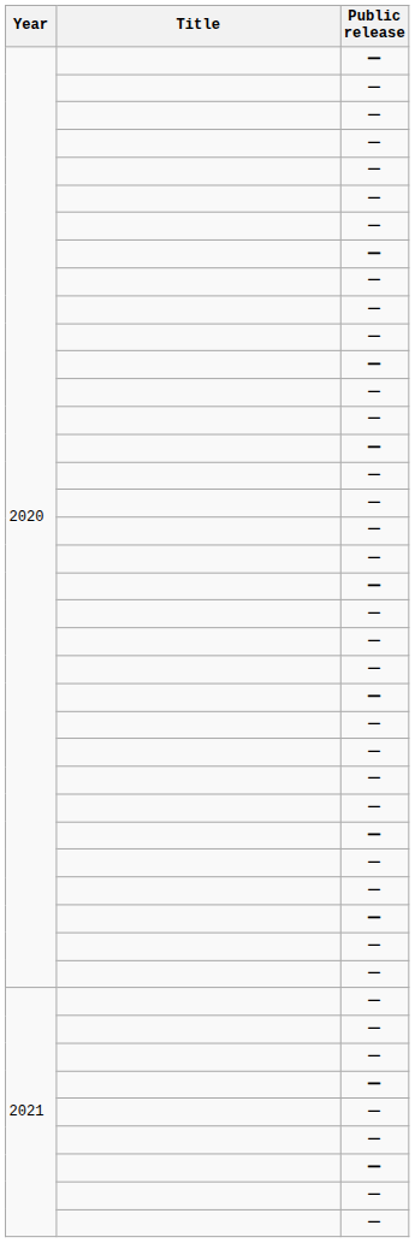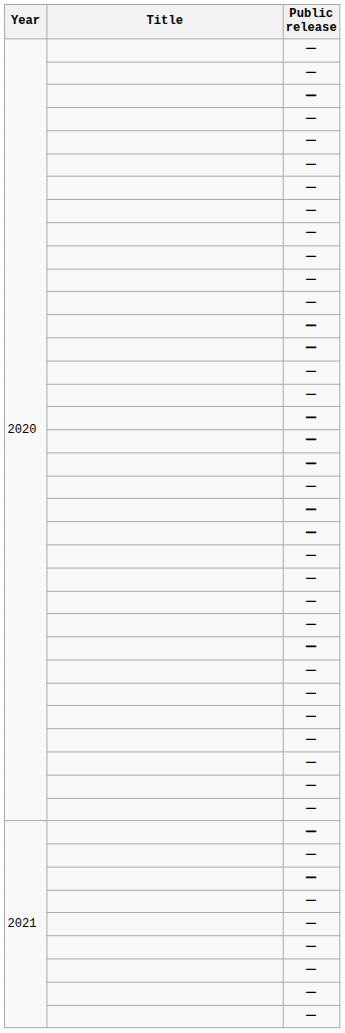 <table class="wikitable" style=font-size:small>
 <tr>
 <th style="width:3em">Year</th>
 <th style="width:19em">Title</th>
 <th style="width:4em">Public release</th>
 </tr>
 <tr>
 <td rowspan=34>2020</td>
 <td><br></td>
+<td style="text-align:center;">ー</td>
+</tr>
+<tr>
+<td><br></td>
+<td style="text-align:center;">ー</td>
+</tr>
+<tr>
+<td><br></td>
 <td style="text-align:center;"><strong>ー</strong></td>
+</tr>
+<tr>
+<td><br></td>
+<td style="text-align:center;">ー</td>
+</tr>
+<tr>
+<td><br></td>
+<td style="text-align:center;">ー</td>
+</tr>
+<tr>
+<td><br></td>
+<td style="text-align:center;">ー</td>
 </tr>
 <tr>
 <td><br></td>
 <td style="text-align:center;">ー</td>
 </tr>
 <tr>
 <td><br></td>
 <td style="text-align:center;">ー</td>
 </tr>
 <tr>
 <td><br></td>
 <td style="text-align:center;">ー</td>
 </tr>
 <tr>
 <td><br></td>
 <td style="text-align:center;">ー</td>
 </tr>
 <tr>
 <td><br></td>
 <td style="text-align:center;">ー</td>
 </tr>
 <tr>
 <td><br></td>
 <td style="text-align:center;">ー</td>
 </tr>
 <tr>
 <td><br></td>
 <td style="text-align:center;"><strong>ー</strong></td>
 </tr>
 <tr>
 <td><br></td>
-<td style="text-align:center;">ー</td>
+<td style="text-align:center;"><strong>ー</strong></td>
 </tr>
 <tr>
 <td><br></td>
 <td style="text-align:center;">ー</td>
 </tr>
 <tr>
 <td><br></td>
 <td style="text-align:center;">ー</td>
 </tr>
 <tr>
 <td><br></td>
 <td style="text-align:center;"><strong>ー</strong></td>
 </tr>
 <tr>
 <td><br></td>
+<td style="text-align:center;"><strong>ー</strong></td>
+</tr>
+<tr>
+<td><br></td>
+<td style="text-align:center;"><strong>ー</strong></td>
+</tr>
+<tr>
+<td><br></td>
 <td style="text-align:center;">ー</td>
 </tr>
 <tr>
 <td><br></td>
-<td style="text-align:center;">ー</td>
+<td style="text-align:center;"><strong>ー</strong></td>
 </tr>
 <tr>
 <td><br></td>
 <td style="text-align:center;"><strong>ー</strong></td>
 </tr>
 <tr>
 <td><br></td>
 <td style="text-align:center;">ー</td>
 </tr>
 <tr>
 <td><br></td>
 <td style="text-align:center;">ー</td>
 </tr>
 <tr>
 <td><br></td>
 <td style="text-align:center;">ー</td>
 </tr>
 <tr>
 <td><br></td>
 <td style="text-align:center;">ー</td>
 </tr>
 <tr>
 <td><br></td>
 <td style="text-align:center;"><strong>ー</strong></td>
 </tr>
 <tr>
 <td><br></td>
 <td style="text-align:center;">ー</td>
 </tr>
 <tr>
 <td><br></td>
 <td style="text-align:center;">ー</td>
 </tr>
 <tr>
 <td><br></td>
 <td style="text-align:center;">ー</td>
 </tr>
 <tr>
 <td><br></td>
+<td style="text-align:center;">ー</td>
+</tr>
+<tr>
+<td><br></td>
+<td style="text-align:center;">ー</td>
+</tr>
+<tr>
+<td><br></td>
+<td style="text-align:center;">ー</td>
+</tr>
+<tr>
+<td><br></td>
+<td style="text-align:center;">ー</td>
+</tr>
+<tr>
+<td rowspan=9>2021</td>
+<td><br></td>
+<td style="text-align:center;"><strong>ー</strong></td>
+</tr>
+<tr>
+<td><br></td>
+<td style="text-align:center;">ー</td>
+</tr>
+<tr>
+<td><br></td>
 <td style="text-align:center;"><strong>ー</strong></td>
 </tr>
 <tr>
 <td><br></td>
 <td style="text-align:center;">ー</td>
 </tr>
 <tr>
 <td><br></td>
 <td style="text-align:center;">ー</td>
 </tr>
 <tr>
 <td><br></td>
 <td style="text-align:center;">ー</td>
 </tr>
 <tr>
 <td><br></td>
 <td style="text-align:center;">ー</td>
 </tr>
 <tr>
 <td><br></td>
-<td style="text-align:center;"><strong>ー</strong></td>
-</tr>
-<tr>
-<td><br></td>
-<td style="text-align:center;">ー</td>
-</tr>
-<tr>
-<td><br></td>
-<td style="text-align:center;">ー</td>
-</tr>
-<tr>
-<td><br></td>
-<td style="text-align:center;"><strong>ー</strong></td>
-</tr>
-<tr>
-<td><br></td>
-<td style="text-align:center;">ー</td>
-</tr>
-<tr>
-<td><br></td>
-<td style="text-align:center;">ー</td>
-</tr>
-<tr>
-<td rowspan=9>2021</td>
-<td><br></td>
-<td style="text-align:center;">ー</td>
-</tr>
-<tr>
-<td><br></td>
-<td style="text-align:center;">ー</td>
-</tr>
-<tr>
-<td><br></td>
-<td style="text-align:center;">ー</td>
-</tr>
-<tr>
-<td><br></td>
-<td style="text-align:center;"><strong>ー</strong></td>
-</tr>
-<tr>
-<td><br></td>
-<td style="text-align:center;">ー</td>
-</tr>
-<tr>
-<td><br></td>
-<td style="text-align:center;">ー</td>
-</tr>
-<tr>
-<td><br></td>
-<td style="text-align:center;"><strong>ー</strong></td>
-</tr>
-<tr>
-<td><br></td>
 <td style="text-align:center;">ー</td>
 </tr>
 <tr>
 <td><br></td>
 <td style="text-align:center;">ー</td>
 </tr>
 </table>
